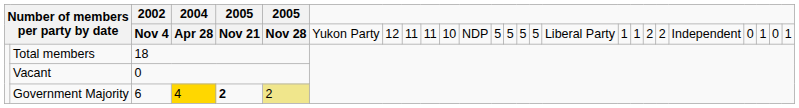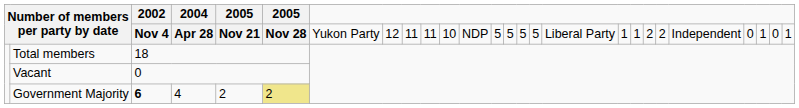 <table class="wikitable">
 <tr>
 <th colspan=2 rowspan=2>Number of members<br>per party by date</th>
 <th>2002</th>
 <th>2004</th>
 <th>2005</th>
 <th>2005</th>
 </tr>
 <tr>
 <th>Nov 4</th>
 <th>Apr 28</th>
 <th>Nov 21</th>
 <th>Nov 28<br></th>
 <td>Yukon Party</td>
 <td>12</td>
 <td>11</td>
 <td>11</td>
 <td>10<br></td>
 <td>NDP</td>
 <td>5</td>
 <td>5</td>
 <td>5</td>
 <td>5<br></td>
 <td>Liberal Party</td>
 <td>1</td>
 <td>1</td>
 <td>2</td>
 <td>2<br></td>
 <td>Independent</td>
 <td>0</td>
 <td>1</td>
 <td>0</td>
 <td>1</td>
 </tr>
 <tr>
 <td rowspan=3></td>
 <td>Total members</td>
 <td colspan=4>18</td>
 </tr>
 <tr>
 <td>Vacant</td>
 <td colspan=4>0</td>
 </tr>
 <tr>
 <td>Government Majority</td>
-<td>6</td>
-<td style="background: gold;">4</td>
-<td><strong>2</strong></td>
+<td><strong>6</strong></td>
+<td>4</td>
+<td>2</td>
 <td style="background: khaki;">2</td>
 </tr>
 </table>
